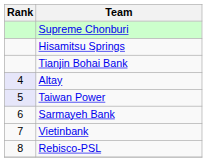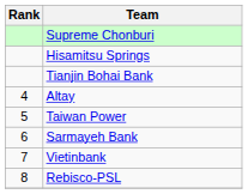 <table class="wikitable" style="text-align: center;">
 <tr>
 <th width=40>Rank</th>
 <th width=240>Team</th>
 </tr>
 <tr bgcolor=#CCFFCC>
 <td></td>
 <td align="left"> <a href='#'>Supreme Chonburi</a></td>
 </tr>
 <tr>
 <td></td>
 <td align="left"> <a href='#'>Hisamitsu Springs</a></td>
 </tr>
 <tr>
 <td></td>
 <td align="left"> <a href='#'>Tianjin Bohai Bank</a></td>
 </tr>
 <tr>
-<td style="background: lavender;">4</td>
+<td>4</td>
 <td align="left"> <a href='#'>Altay</a></td>
 </tr>
 <tr>
-<td style="background: lavender;">5</td>
+<td>5</td>
 <td align="left"> <a href='#'>Taiwan Power</a></td>
 </tr>
 <tr>
 <td>6</td>
 <td align="left"> <a href='#'>Sarmayeh Bank</a></td>
 </tr>
 <tr>
 <td>7</td>
 <td align="left"> <a href='#'>Vietinbank</a></td>
 </tr>
 <tr>
 <td>8</td>
 <td align="left"> <a href='#'>Rebisco-PSL</a></td>
 </tr>
 <tr>
 </tr>
 </table>
